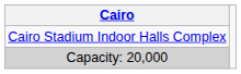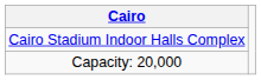 <table class="wikitable" style="text-align:center;">
 <tr>
 <th><a href='#'>Cairo</a></th>
 <td rowspan="4"><br></td>
 </tr>
 <tr>
 <td><a href='#'>Cairo Stadium Indoor Halls Complex</a></td>
 </tr>
 <tr>
-<td style="background: lightgrey;">Capacity: 20,000</td>
+<td>Capacity: 20,000</td>
 </tr>
 </table>
